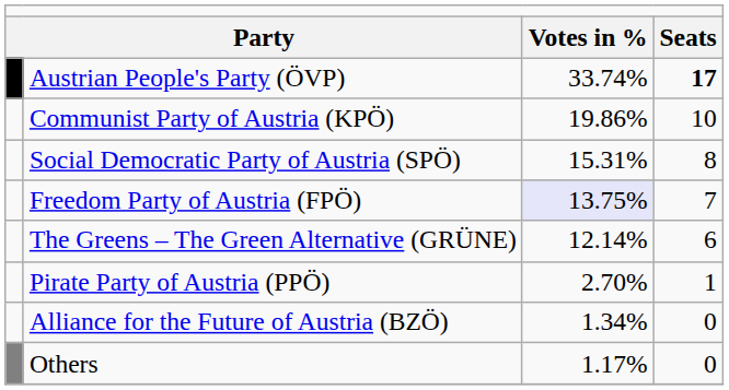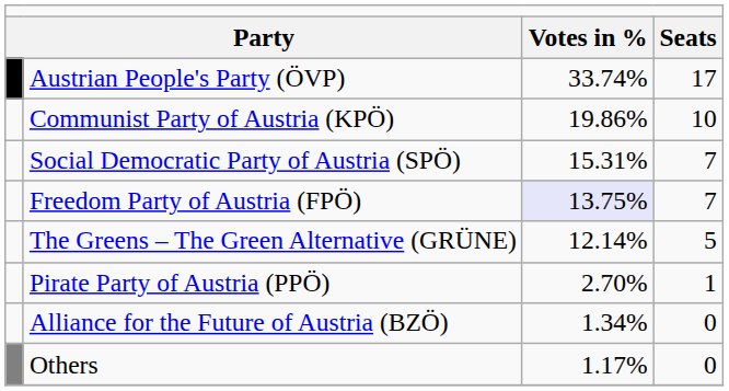 <table class="wikitable" style="text-align:right">
 <tr>
 <td colspan="4"></td>
 </tr>
 <tr>
 <th colspan="2">Party</th>
 <th>Votes in %</th>
 <th>Seats</th>
 </tr>
 <tr>
 <td bgcolor="black"> </td>
 <td align=left><a href='#'>Austrian People's Party</a> (ÖVP)</td>
 <td>33.74%</td>
-<td><strong>17</strong></td>
+<td>17</td>
 </tr>
 <tr>
 <td> </td>
 <td align=left><a href='#'>Communist Party of Austria</a> (KPÖ)</td>
 <td>19.86%</td>
 <td>10</td>
 </tr>
 <tr>
 <td> </td>
 <td align=left><a href='#'>Social Democratic Party of Austria</a> (SPÖ)</td>
 <td>15.31%</td>
-<td>8</td>
+<td>7</td>
 </tr>
 <tr>
 <td> </td>
 <td align=left><a href='#'>Freedom Party of Austria</a> (FPÖ)</td>
 <td style="background: lavender;">13.75%</td>
 <td>7</td>
 </tr>
 <tr>
 <td> </td>
 <td align=left><a href='#'>The Greens – The Green Alternative</a> (GRÜNE)</td>
 <td>12.14%</td>
-<td>6</td>
+<td>5</td>
 </tr>
 <tr>
 <td> </td>
 <td align=left><a href='#'>Pirate Party of Austria</a> (PPÖ)</td>
 <td>2.70%</td>
 <td>1</td>
 </tr>
 <tr>
 <td bgcolor=> </td>
 <td align=left><a href='#'>Alliance for the Future of Austria</a> (BZÖ)</td>
 <td>1.34%</td>
 <td>0</td>
 </tr>
 <tr>
 <td bgcolor="#808080"> </td>
 <td align=left>Others</td>
 <td>1.17%</td>
 <td>0</td>
 </tr>
 <tr>
 </tr>
 </table>
